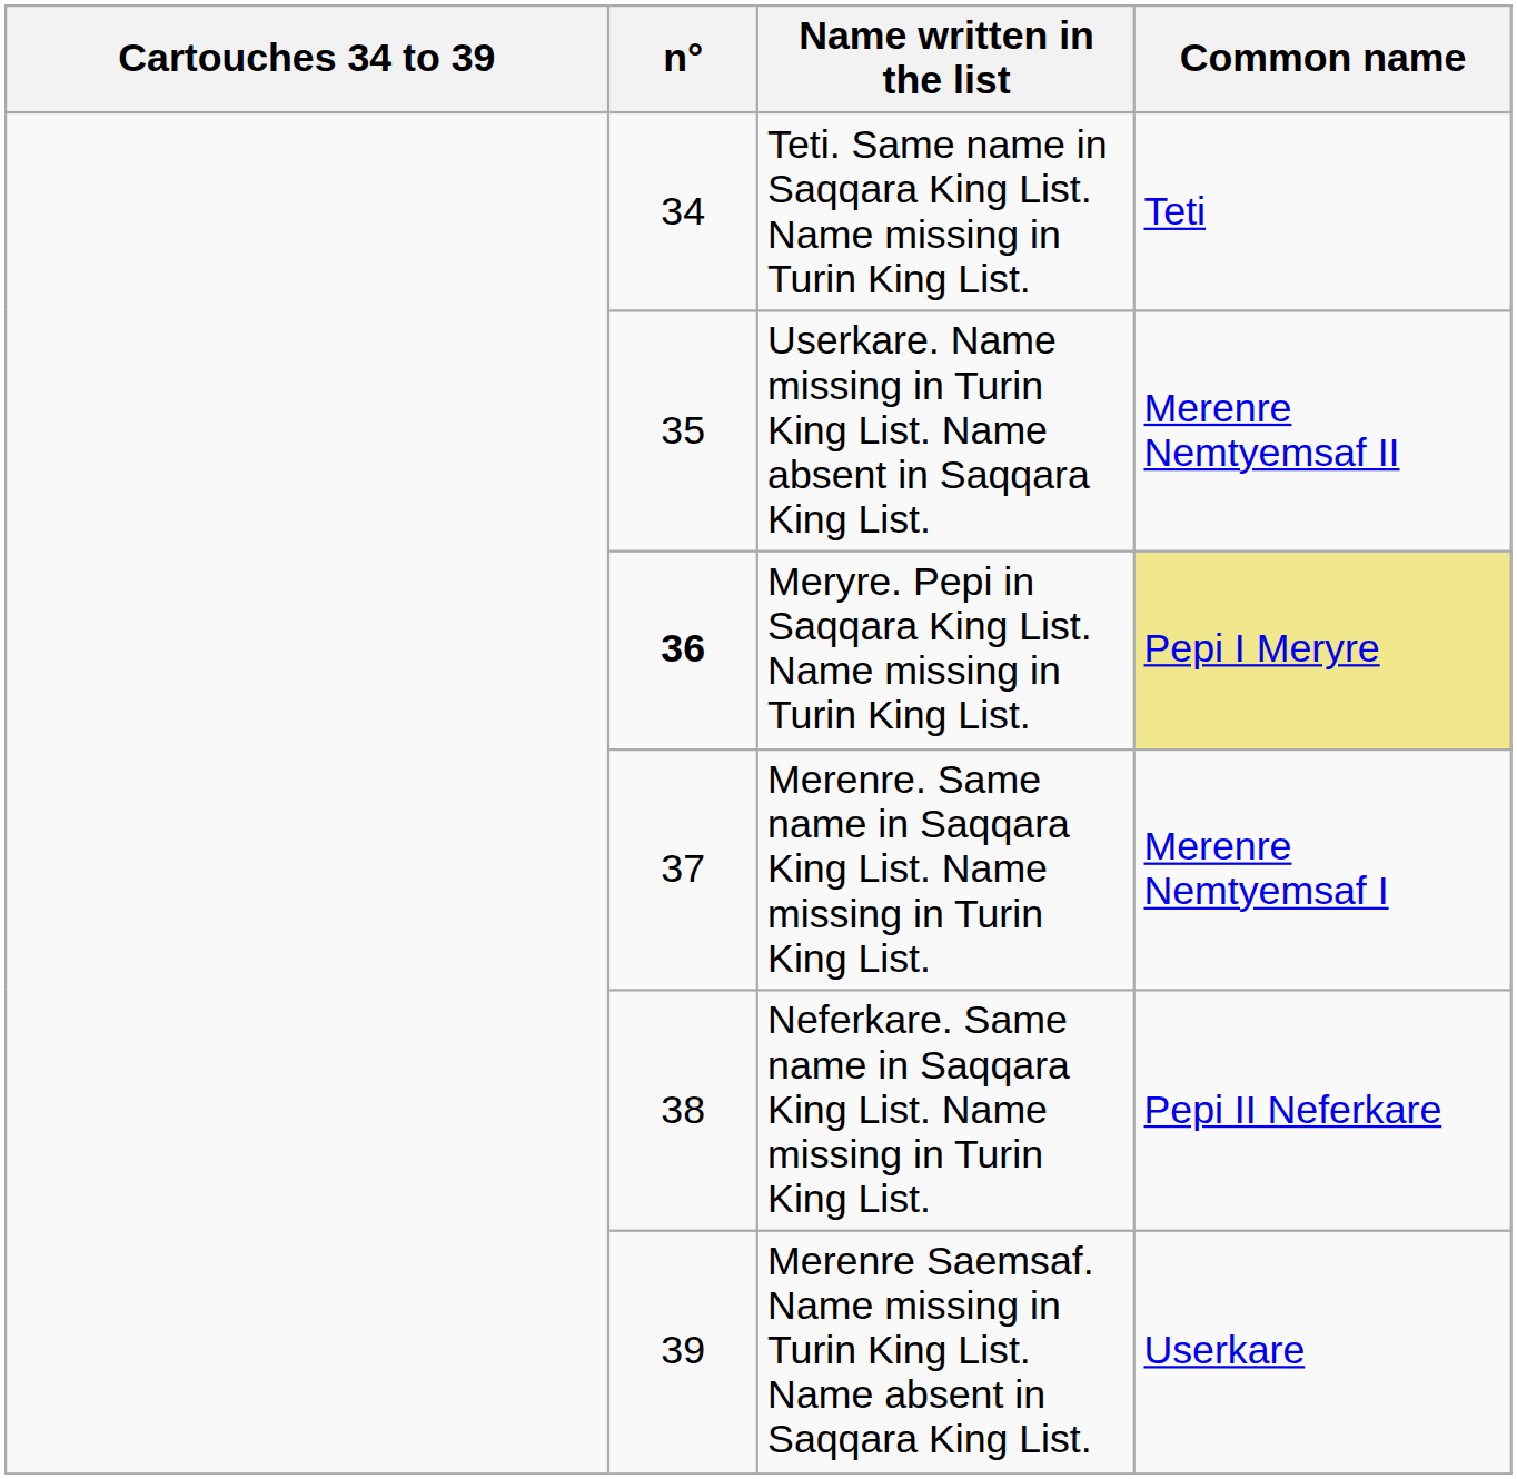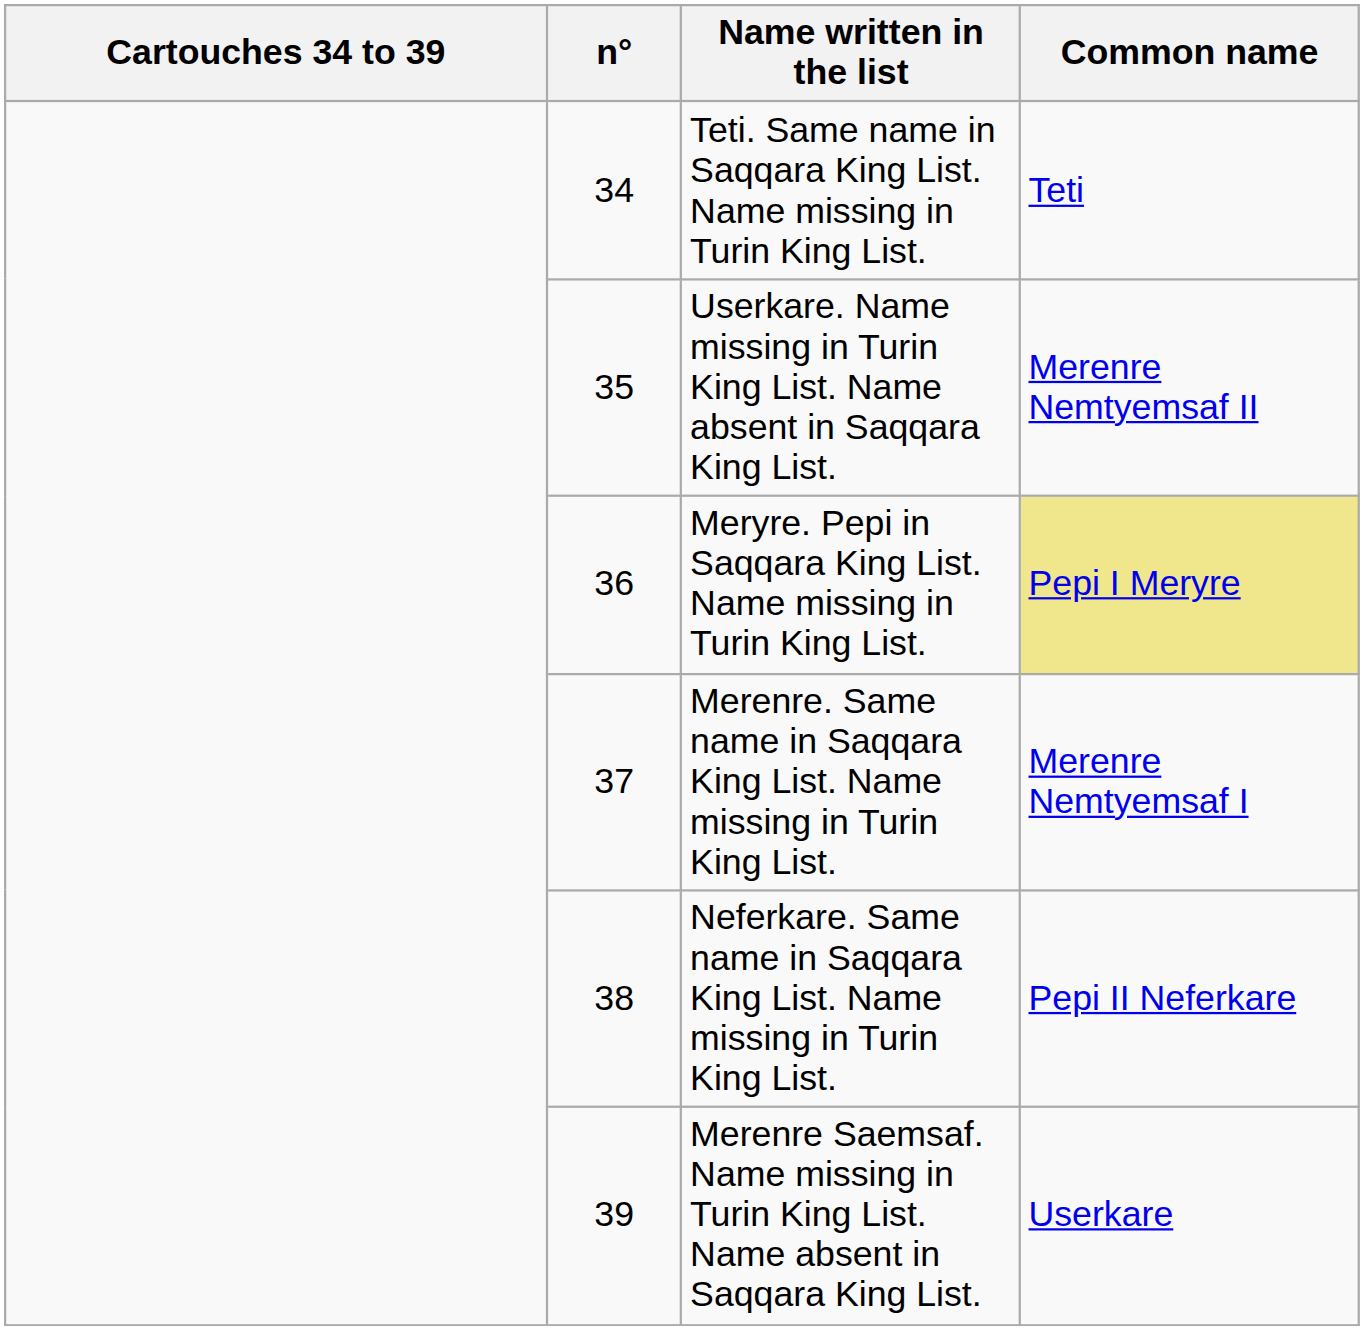 <table class="wikitable">
 <tr>
 <th width = "40%">Cartouches 34 to 39</th>
 <th width = "10%">n°</th>
 <th width = "25%">Name written in the list</th>
 <th width = "25%">Common name</th>
 </tr>
 <tr>
 <td rowspan = "6"></td>
 <td align = "center">34</td>
 <td>Teti. Same name in Saqqara King List. Name missing in Turin King List.</td>
 <td><a href='#'>Teti</a></td>
 </tr>
 <tr>
 <td align = "center">35</td>
 <td>Userkare. Name missing in Turin King List. Name absent in Saqqara King List.</td>
 <td><a href='#'>Merenre Nemtyemsaf II</a></td>
 </tr>
 <tr>
-<td align = "center"><strong>36</strong></td>
+<td align = "center">36</td>
 <td>Meryre. Pepi in Saqqara King List. Name missing in Turin King List.</td>
 <td style="background: khaki;"><a href='#'>Pepi I Meryre</a></td>
 </tr>
 <tr>
 <td align = "center">37</td>
 <td>Merenre. Same name in Saqqara King List. Name missing in Turin King List.</td>
 <td><a href='#'>Merenre Nemtyemsaf I</a></td>
 </tr>
 <tr>
 <td align = "center">38</td>
 <td>Neferkare. Same name in Saqqara King List. Name missing in Turin King List.</td>
 <td><a href='#'>Pepi II Neferkare</a></td>
 </tr>
 <tr>
 <td align = "center">39</td>
 <td>Merenre Saemsaf. Name missing in Turin King List. Name absent in Saqqara King List.</td>
 <td><a href='#'>Userkare</a></td>
 </tr>
 </table>
